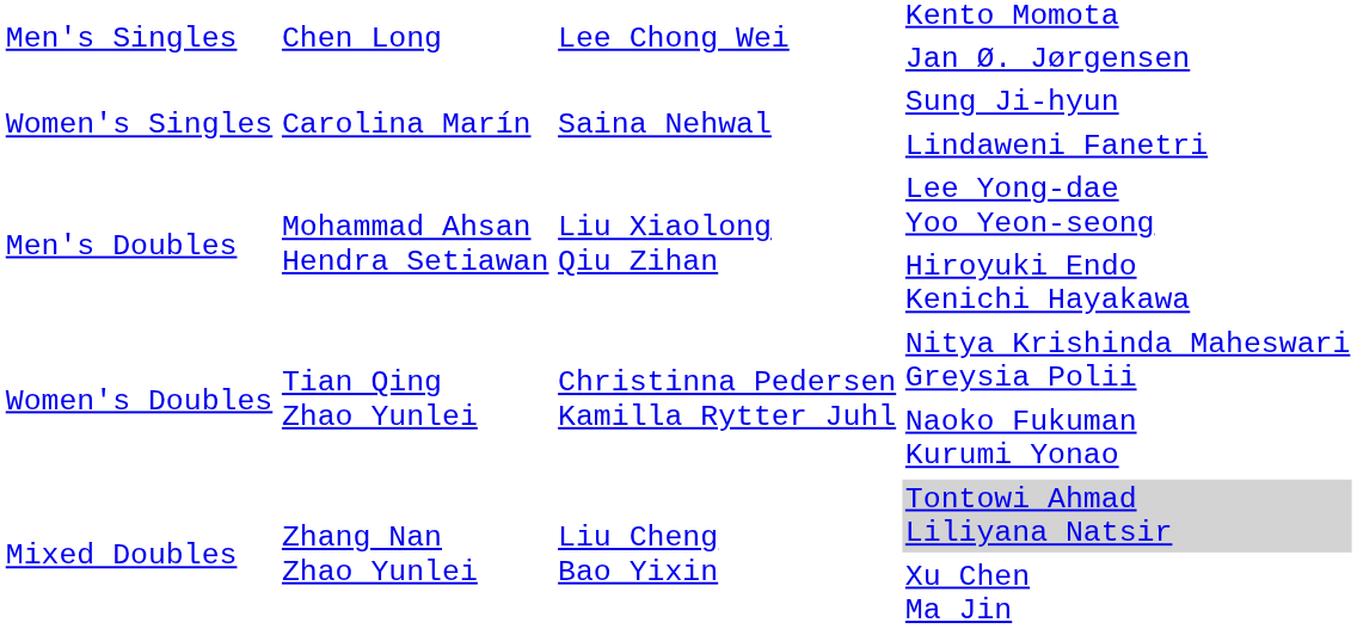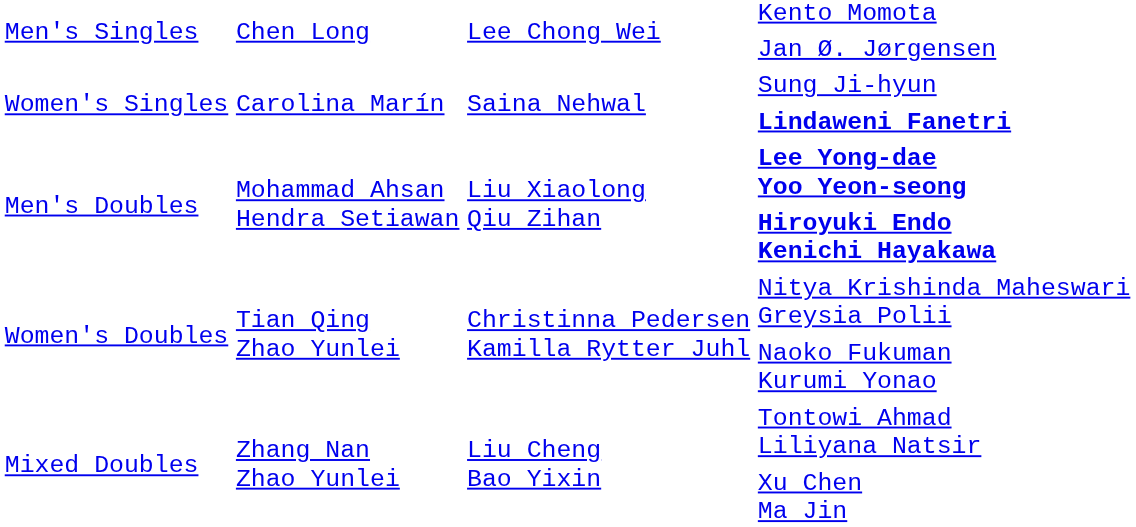 <table>
 <tr>
 <td rowspan=2><a href='#'>Men's Singles</a></td>
 <td rowspan=2> <a href='#'>Chen Long</a></td>
 <td rowspan=2> <a href='#'>Lee Chong Wei</a></td>
 <td> <a href='#'>Kento Momota</a></td>
 </tr>
 <tr>
 <td> <a href='#'>Jan Ø. Jørgensen</a></td>
 </tr>
 <tr>
 <td rowspan=2><a href='#'>Women's Singles</a></td>
 <td rowspan=2> <a href='#'>Carolina Marín</a></td>
 <td rowspan=2> <a href='#'>Saina Nehwal</a></td>
 <td> <a href='#'>Sung Ji-hyun</a></td>
 </tr>
 <tr>
-<td> <a href='#'>Lindaweni Fanetri</a></td>
+<td><strong> <a href='#'>Lindaweni Fanetri</a></strong></td>
 </tr>
 <tr>
 <td rowspan=2><a href='#'>Men's Doubles</a></td>
 <td rowspan=2> <a href='#'>Mohammad Ahsan</a><br> <a href='#'>Hendra Setiawan</a></td>
 <td rowspan=2> <a href='#'>Liu Xiaolong</a><br> <a href='#'>Qiu Zihan</a></td>
-<td> <a href='#'>Lee Yong-dae</a><br> <a href='#'>Yoo Yeon-seong</a></td>
+<td><strong> <a href='#'>Lee Yong-dae</a><br> <a href='#'>Yoo Yeon-seong</a></strong></td>
 </tr>
 <tr>
-<td> <a href='#'>Hiroyuki Endo</a><br> <a href='#'>Kenichi Hayakawa</a></td>
+<td><strong> <a href='#'>Hiroyuki Endo</a><br> <a href='#'>Kenichi Hayakawa</a></strong></td>
 </tr>
 <tr>
 <td rowspan=2><a href='#'>Women's Doubles</a></td>
 <td rowspan=2> <a href='#'>Tian Qing</a><br> <a href='#'>Zhao Yunlei</a></td>
 <td rowspan=2> <a href='#'>Christinna Pedersen</a><br> <a href='#'>Kamilla Rytter Juhl</a></td>
 <td> <a href='#'>Nitya Krishinda Maheswari</a><br> <a href='#'>Greysia Polii</a></td>
 </tr>
 <tr>
 <td> <a href='#'>Naoko Fukuman</a><br> <a href='#'>Kurumi Yonao</a></td>
 </tr>
 <tr>
 <td rowspan=2><a href='#'>Mixed Doubles</a></td>
 <td rowspan=2> <a href='#'>Zhang Nan</a><br> <a href='#'>Zhao Yunlei</a></td>
 <td rowspan=2> <a href='#'>Liu Cheng</a><br> <a href='#'>Bao Yixin</a></td>
-<td style="background: lightgrey;"> <a href='#'>Tontowi Ahmad</a><br> <a href='#'>Liliyana Natsir</a></td>
+<td> <a href='#'>Tontowi Ahmad</a><br> <a href='#'>Liliyana Natsir</a></td>
 </tr>
 <tr>
 <td> <a href='#'>Xu Chen</a><br> <a href='#'>Ma Jin</a></td>
 </tr>
 </table>
